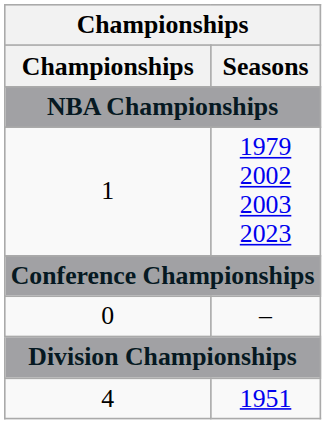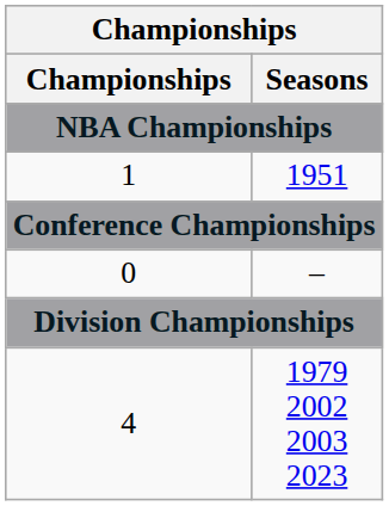 <table class="wikitable sortable" style="text-align:center">
 <tr>
 <th colspan="5">Championships</th>
 </tr>
 <tr>
 <th>Championships</th>
 <th>Seasons</th>
 </tr>
 <tr>
 <th colspan="5" style="text-align:center; background:#A1A1A4; color:#061922;">NBA Championships</th>
 </tr>
 <tr>
 <td>1</td>
-<td><a href='#'>1979</a><br><a href='#'>2002</a><br><a href='#'>2003</a><br><a href='#'>2023</a></td>
+<td><a href='#'>1951</a></td>
 </tr>
 <tr>
 <th colspan="5" style="text-align:center; background:#A1A1A4; color:#061922;">Conference Championships</th>
 </tr>
 <tr>
 <td>0</td>
 <td>–</td>
 </tr>
 <tr>
 <th colspan="5" style="text-align:center; background:#A1A1A4; color:#061922;">Division Championships</th>
 </tr>
 <tr>
 <td>4</td>
-<td><a href='#'>1951</a></td>
+<td><a href='#'>1979</a><br><a href='#'>2002</a><br><a href='#'>2003</a><br><a href='#'>2023</a></td>
 </tr>
 </table>
